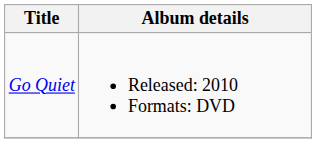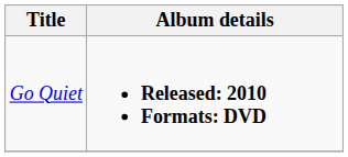 <table class="wikitable">
 <tr>
 <th>Title</th>
 <th style="width:200px;">Album details</th>
 </tr>
 <tr>
 <td><em><a href='#'>Go Quiet</a></em></td>
-<td><br><ul><li>Released: 2010</li><li>Formats: DVD</li></ul></td>
+<td><strong><br><ul><li>Released: 2010</li><li>Formats: DVD</li></ul></strong></td>
 </tr>
 <tr>
 </tr>
 </table>
